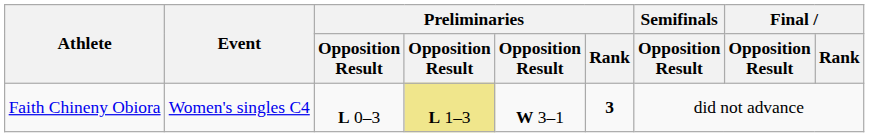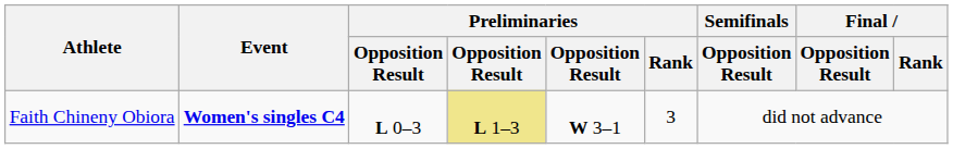 <table class=wikitable style="font-size:90%">
 <tr>
 <th rowspan="2">Athlete</th>
 <th rowspan="2">Event</th>
 <th colspan="4">Preliminaries</th>
 <th>Semifinals</th>
 <th colspan="2">Final / </th>
 </tr>
 <tr>
 <th>Opposition<br>Result</th>
 <th>Opposition<br>Result</th>
 <th>Opposition<br>Result</th>
 <th>Rank</th>
 <th>Opposition<br>Result</th>
 <th>Opposition<br>Result</th>
 <th>Rank</th>
 </tr>
 <tr>
 <td><a href='#'>Faith Chineny Obiora</a></td>
-<td><a href='#'>Women's singles C4</a></td>
+<td><strong><a href='#'>Women's singles C4</a></strong></td>
 <td align="center"><br><strong>L</strong> 0–3</td>
 <td align="center" style="background: khaki;"><br><strong>L</strong> 1–3</td>
 <td align="center"><br><strong>W</strong> 3–1</td>
-<td align="center"><strong>3</strong></td>
+<td align="center">3</td>
 <td align="center" colspan="3">did not advance</td>
 </tr>
 </table>
